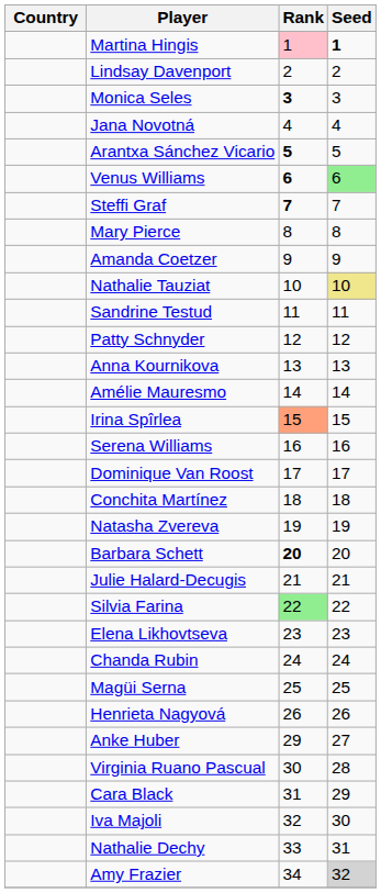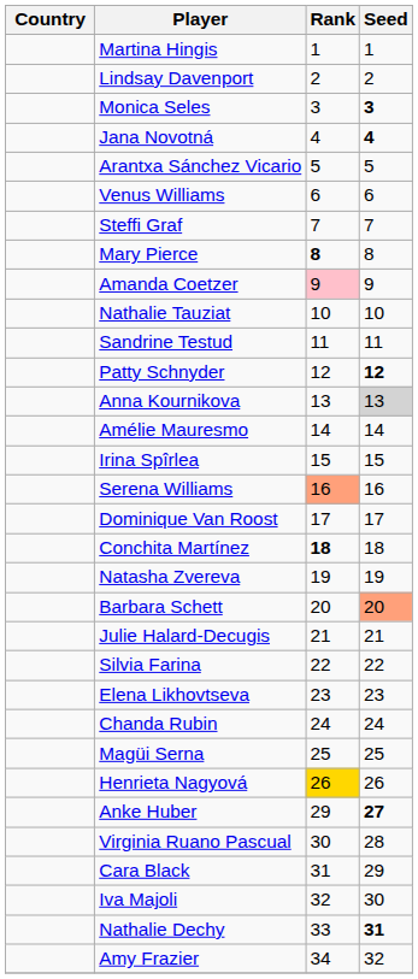 <table class="wikitable" border="1">
 <tr>
 <th width="70">Country</th>
 <th width="175">Player</th>
 <th>Rank</th>
 <th>Seed</th>
 </tr>
 <tr>
 <td></td>
 <td><a href='#'>Martina Hingis</a></td>
-<td style="background: pink;">1</td>
-<td><strong>1</strong></td>
+<td>1</td>
+<td>1</td>
 </tr>
 <tr>
 <td></td>
 <td><a href='#'>Lindsay Davenport</a></td>
 <td>2</td>
 <td>2</td>
 </tr>
 <tr>
 <td></td>
 <td><a href='#'>Monica Seles</a></td>
+<td>3</td>
 <td><strong>3</strong></td>
-<td>3</td>
 </tr>
 <tr>
 <td></td>
 <td><a href='#'>Jana Novotná</a></td>
 <td>4</td>
-<td>4</td>
+<td><strong>4</strong></td>
 </tr>
 <tr>
 <td></td>
 <td><a href='#'>Arantxa Sánchez Vicario</a></td>
-<td><strong>5</strong></td>
+<td>5</td>
 <td>5</td>
 </tr>
 <tr>
 <td></td>
 <td><a href='#'>Venus Williams</a></td>
-<td><strong>6</strong></td>
-<td style="background: lightgreen;">6</td>
+<td>6</td>
+<td>6</td>
 </tr>
 <tr>
 <td></td>
 <td><a href='#'>Steffi Graf</a></td>
-<td><strong>7</strong></td>
+<td>7</td>
 <td>7</td>
 </tr>
 <tr>
 <td></td>
 <td><a href='#'>Mary Pierce</a></td>
-<td>8</td>
+<td><strong>8</strong></td>
 <td>8</td>
 </tr>
 <tr>
 <td></td>
 <td><a href='#'>Amanda Coetzer</a></td>
-<td>9</td>
+<td style="background: pink;">9</td>
 <td>9</td>
 </tr>
 <tr>
 <td></td>
 <td><a href='#'>Nathalie Tauziat</a></td>
 <td>10</td>
-<td style="background: khaki;">10</td>
+<td>10</td>
 </tr>
 <tr>
 <td></td>
 <td><a href='#'>Sandrine Testud</a></td>
 <td>11</td>
 <td>11</td>
 </tr>
 <tr>
 <td></td>
 <td><a href='#'>Patty Schnyder</a></td>
 <td>12</td>
-<td>12</td>
+<td><strong>12</strong></td>
 </tr>
 <tr>
 <td></td>
 <td><a href='#'>Anna Kournikova</a></td>
 <td>13</td>
-<td>13</td>
+<td style="background: lightgrey;">13</td>
 </tr>
 <tr>
 <td></td>
 <td><a href='#'>Amélie Mauresmo</a></td>
 <td>14</td>
 <td>14</td>
 </tr>
 <tr>
 <td></td>
 <td><a href='#'>Irina Spîrlea</a></td>
-<td style="background: lightsalmon;">15</td>
+<td>15</td>
 <td>15</td>
 </tr>
 <tr>
 <td></td>
 <td><a href='#'>Serena Williams</a></td>
-<td>16</td>
+<td style="background: lightsalmon;">16</td>
 <td>16</td>
 </tr>
 <tr>
 <td></td>
 <td><a href='#'>Dominique Van Roost</a></td>
 <td>17</td>
 <td>17</td>
 </tr>
 <tr>
 <td></td>
 <td><a href='#'>Conchita Martínez</a></td>
-<td>18</td>
+<td><strong>18</strong></td>
 <td>18</td>
 </tr>
 <tr>
 <td></td>
 <td><a href='#'>Natasha Zvereva</a></td>
 <td>19</td>
 <td>19</td>
 </tr>
 <tr>
 <td></td>
 <td><a href='#'>Barbara Schett</a></td>
-<td><strong>20</strong></td>
 <td>20</td>
+<td style="background: lightsalmon;">20</td>
 </tr>
 <tr>
 <td></td>
 <td><a href='#'>Julie Halard-Decugis</a></td>
 <td>21</td>
 <td>21</td>
 </tr>
 <tr>
 <td></td>
 <td><a href='#'>Silvia Farina</a></td>
-<td style="background: lightgreen;">22</td>
+<td>22</td>
 <td>22</td>
 </tr>
 <tr>
 <td></td>
 <td><a href='#'>Elena Likhovtseva</a></td>
 <td>23</td>
 <td>23</td>
 </tr>
 <tr>
 <td></td>
 <td><a href='#'>Chanda Rubin</a></td>
 <td>24</td>
 <td>24</td>
 </tr>
 <tr>
 <td></td>
 <td><a href='#'>Magüi Serna</a></td>
 <td>25</td>
 <td>25</td>
 </tr>
 <tr>
 <td></td>
 <td><a href='#'>Henrieta Nagyová</a></td>
-<td>26</td>
+<td style="background: gold;">26</td>
 <td>26</td>
 </tr>
 <tr>
 <td></td>
 <td><a href='#'>Anke Huber</a></td>
 <td>29</td>
-<td>27</td>
+<td><strong>27</strong></td>
 </tr>
 <tr>
 <td></td>
 <td><a href='#'>Virginia Ruano Pascual</a></td>
 <td>30</td>
 <td>28</td>
 </tr>
 <tr>
 <td></td>
 <td><a href='#'>Cara Black</a></td>
 <td>31</td>
 <td>29</td>
 </tr>
 <tr>
 <td></td>
 <td><a href='#'>Iva Majoli</a></td>
 <td>32</td>
 <td>30</td>
 </tr>
 <tr>
 <td></td>
 <td><a href='#'>Nathalie Dechy</a></td>
 <td>33</td>
-<td>31</td>
+<td><strong>31</strong></td>
 </tr>
 <tr>
 <td></td>
 <td><a href='#'>Amy Frazier</a></td>
 <td>34</td>
-<td style="background: lightgrey;">32</td>
+<td>32</td>
 </tr>
 <tr>
 </tr>
 </table>
